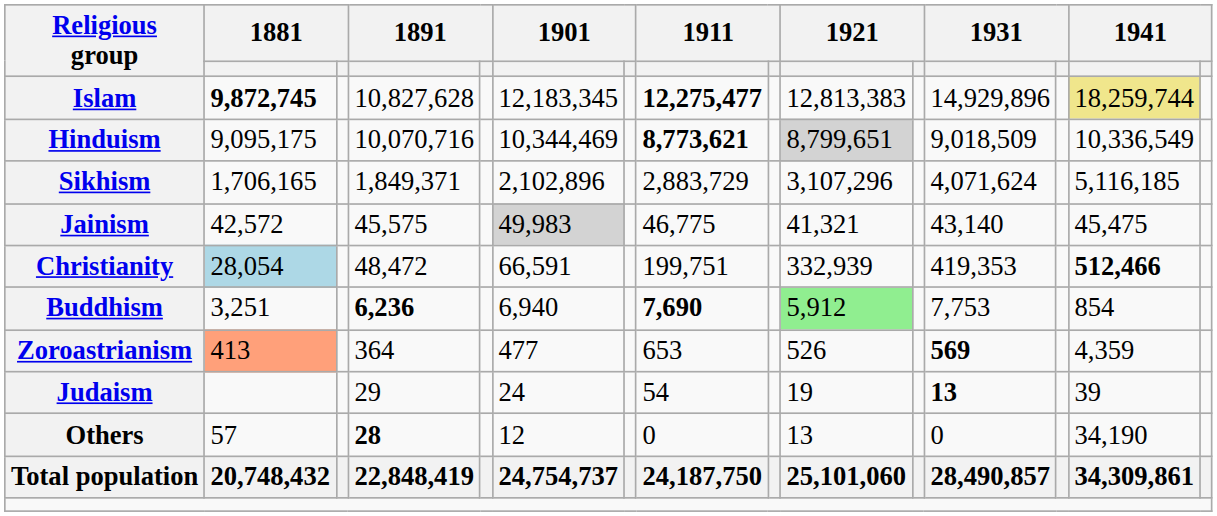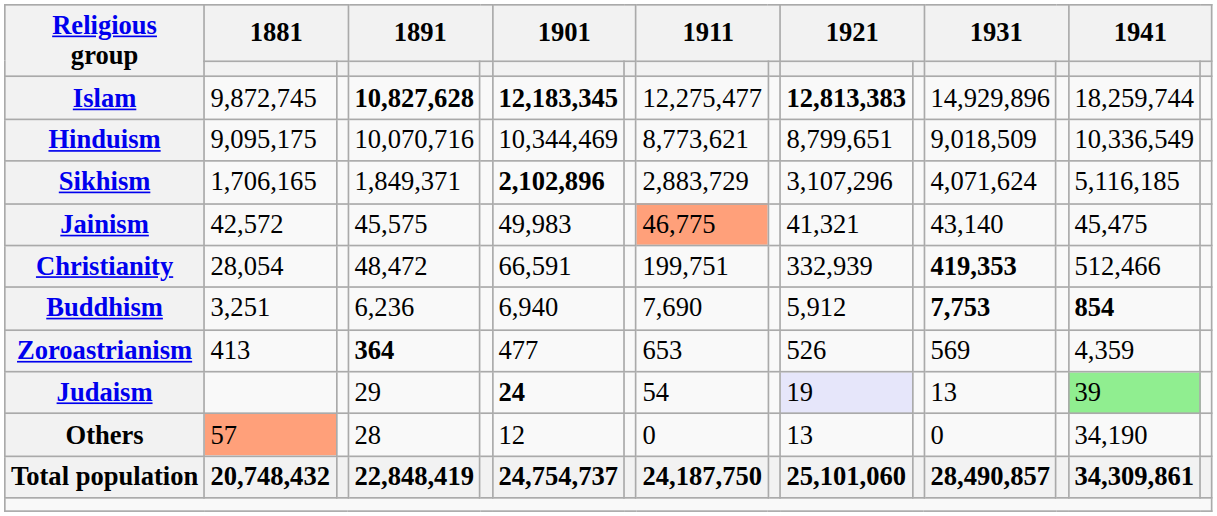 <table class="wikitable sortable">
 <tr>
 <th rowspan="2"><a href='#'>Religious</a><br>group</th>
 <th colspan="2">1881</th>
 <th colspan="2">1891</th>
 <th colspan="2">1901</th>
 <th colspan="2">1911</th>
 <th colspan="2">1921</th>
 <th colspan="2">1931</th>
 <th colspan="2">1941</th>
 </tr>
 <tr>
 <th><a href='#'></a></th>
 <th></th>
 <th></th>
 <th></th>
 <th></th>
 <th></th>
 <th></th>
 <th></th>
 <th></th>
 <th></th>
 <th></th>
 <th></th>
 <th></th>
 <th></th>
 </tr>
 <tr>
 <th><a href='#'>Islam</a> </th>
-<td><strong>9,872,745</strong></td>
+<td>9,872,745</td>
 <td></td>
-<td>10,827,628</td>
+<td><strong>10,827,628</strong></td>
 <td></td>
-<td>12,183,345</td>
+<td><strong>12,183,345</strong></td>
 <td></td>
-<td><strong>12,275,477</strong></td>
+<td>12,275,477</td>
 <td></td>
-<td>12,813,383</td>
+<td><strong>12,813,383</strong></td>
 <td></td>
 <td>14,929,896</td>
 <td></td>
-<td style="background: khaki;">18,259,744</td>
+<td>18,259,744</td>
 <td></td>
 </tr>
 <tr>
 <th><a href='#'>Hinduism</a> </th>
 <td>9,095,175</td>
 <td></td>
 <td>10,070,716</td>
 <td></td>
 <td>10,344,469</td>
 <td></td>
-<td><strong>8,773,621</strong></td>
+<td>8,773,621</td>
 <td></td>
-<td style="background: lightgrey;">8,799,651</td>
+<td>8,799,651</td>
 <td></td>
 <td>9,018,509</td>
 <td></td>
 <td>10,336,549</td>
 <td></td>
 </tr>
 <tr>
 <th><a href='#'>Sikhism</a> </th>
 <td>1,706,165</td>
 <td></td>
 <td>1,849,371</td>
 <td></td>
-<td>2,102,896</td>
+<td><strong>2,102,896</strong></td>
 <td></td>
 <td>2,883,729</td>
 <td></td>
 <td>3,107,296</td>
 <td></td>
 <td>4,071,624</td>
 <td></td>
 <td>5,116,185</td>
 <td></td>
 </tr>
 <tr>
 <th><a href='#'>Jainism</a> </th>
 <td>42,572</td>
 <td></td>
 <td>45,575</td>
 <td></td>
-<td style="background: lightgrey;">49,983</td>
+<td>49,983</td>
 <td></td>
-<td>46,775</td>
+<td style="background: lightsalmon;">46,775</td>
 <td></td>
 <td>41,321</td>
 <td></td>
 <td>43,140</td>
 <td></td>
 <td>45,475</td>
 <td></td>
 </tr>
 <tr>
 <th><a href='#'>Christianity</a> </th>
-<td style="background: lightblue;">28,054</td>
+<td>28,054</td>
 <td></td>
 <td>48,472</td>
 <td></td>
 <td>66,591</td>
 <td></td>
 <td>199,751</td>
 <td></td>
 <td>332,939</td>
 <td></td>
-<td>419,353</td>
+<td><strong>419,353</strong></td>
 <td></td>
-<td><strong>512,466</strong></td>
+<td>512,466</td>
 <td></td>
 </tr>
 <tr>
 <th><a href='#'>Buddhism</a> </th>
 <td>3,251</td>
 <td></td>
-<td><strong>6,236</strong></td>
+<td>6,236</td>
 <td></td>
 <td>6,940</td>
 <td></td>
-<td><strong>7,690</strong></td>
+<td>7,690</td>
 <td></td>
-<td style="background: lightgreen;">5,912</td>
+<td>5,912</td>
 <td></td>
-<td>7,753</td>
+<td><strong>7,753</strong></td>
 <td></td>
-<td>854</td>
+<td><strong>854</strong></td>
 <td></td>
 </tr>
 <tr>
 <th><a href='#'>Zoroastrianism</a> </th>
-<td style="background: lightsalmon;">413</td>
+<td>413</td>
 <td></td>
-<td>364</td>
+<td><strong>364</strong></td>
 <td></td>
 <td>477</td>
 <td></td>
 <td>653</td>
 <td></td>
 <td>526</td>
 <td></td>
-<td><strong>569</strong></td>
+<td>569</td>
 <td></td>
 <td>4,359</td>
 <td></td>
 </tr>
 <tr>
 <th><a href='#'>Judaism</a> </th>
 <td></td>
 <td></td>
 <td>29</td>
 <td></td>
-<td>24</td>
+<td><strong>24</strong></td>
 <td></td>
 <td>54</td>
 <td></td>
-<td>19</td>
+<td style="background: lavender;">19</td>
 <td></td>
-<td><strong>13</strong></td>
+<td>13</td>
 <td></td>
-<td>39</td>
+<td style="background: lightgreen;">39</td>
 <td></td>
 </tr>
 <tr>
 <th>Others</th>
-<td>57</td>
+<td style="background: lightsalmon;">57</td>
 <td></td>
-<td><strong>28</strong></td>
+<td>28</td>
 <td></td>
 <td>12</td>
 <td></td>
 <td>0</td>
 <td></td>
 <td>13</td>
 <td></td>
 <td>0</td>
 <td></td>
 <td>34,190</td>
 <td></td>
 </tr>
 <tr>
 <th>Total population</th>
 <th>20,748,432</th>
 <th></th>
 <th>22,848,419</th>
 <th></th>
 <th>24,754,737</th>
 <th></th>
 <th>24,187,750</th>
 <th></th>
 <th>25,101,060</th>
 <th></th>
 <th>28,490,857</th>
 <th></th>
 <th>34,309,861</th>
 <th></th>
 </tr>
 <tr class="sortbottom">
 <td colspan="15"></td>
 </tr>
 </table>
